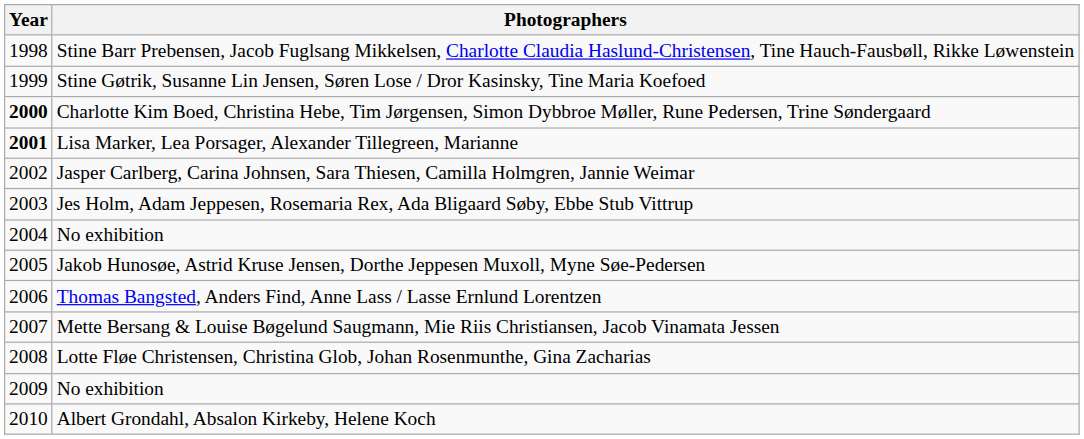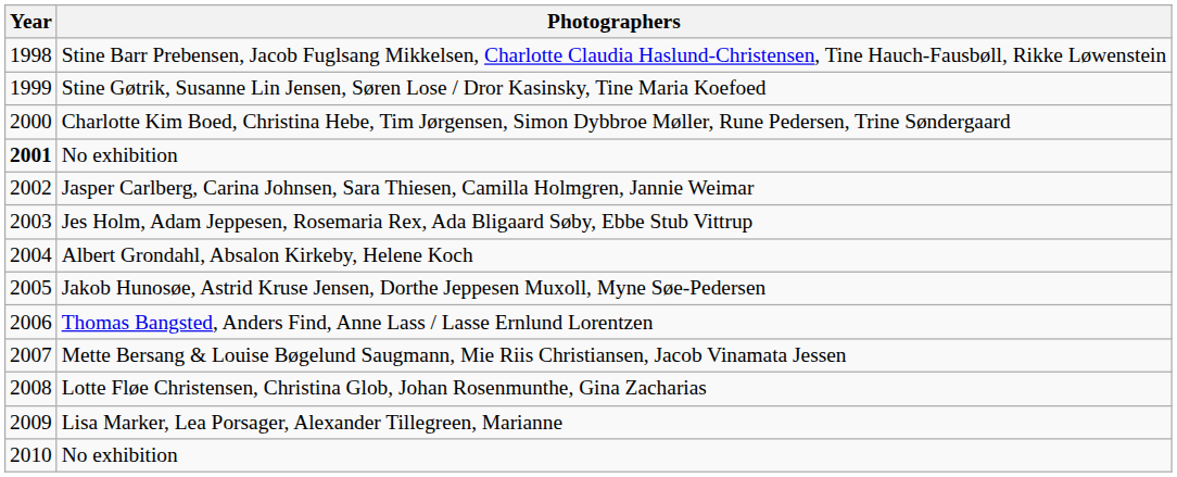 <table class="wikitable">
 <tr>
 <th>Year</th>
 <th>Photographers</th>
 </tr>
 <tr>
 <td>1998</td>
 <td>Stine Barr Prebensen, Jacob Fuglsang Mikkelsen, <a href='#'>Charlotte Claudia Haslund-Christensen</a>, Tine Hauch-Fausbøll, Rikke Løwenstein</td>
 </tr>
 <tr>
 <td>1999</td>
 <td>Stine Gøtrik, Susanne Lin Jensen, Søren Lose / Dror Kasinsky, Tine Maria Koefoed</td>
 </tr>
 <tr>
-<td><strong>2000</strong></td>
+<td>2000</td>
 <td>Charlotte Kim Boed, Christina Hebe, Tim Jørgensen, Simon Dybbroe Møller, Rune Pedersen, Trine Søndergaard</td>
 </tr>
 <tr>
 <td><strong>2001</strong></td>
-<td>Lisa Marker, Lea Porsager, Alexander Tillegreen, Marianne</td>
+<td>No exhibition</td>
 </tr>
 <tr>
 <td>2002</td>
 <td>Jasper Carlberg, Carina Johnsen, Sara Thiesen, Camilla Holmgren, Jannie Weimar</td>
 </tr>
 <tr>
 <td>2003</td>
 <td>Jes Holm, Adam Jeppesen, Rosemaria Rex, Ada Bligaard Søby, Ebbe Stub Vittrup</td>
 </tr>
 <tr>
 <td>2004</td>
-<td>No exhibition</td>
+<td>Albert Grondahl, Absalon Kirkeby, Helene Koch</td>
 </tr>
 <tr>
 <td>2005</td>
 <td>Jakob Hunosøe, Astrid Kruse Jensen, Dorthe Jeppesen Muxoll, Myne Søe-Pedersen</td>
 </tr>
 <tr>
 <td>2006</td>
 <td><a href='#'>Thomas Bangsted</a>, Anders Find, Anne Lass / Lasse Ernlund Lorentzen</td>
 </tr>
 <tr>
 <td>2007</td>
 <td>Mette Bersang & Louise Bøgelund Saugmann, Mie Riis Christiansen, Jacob Vinamata Jessen</td>
 </tr>
 <tr>
 <td>2008</td>
 <td>Lotte Fløe Christensen, Christina Glob, Johan Rosenmunthe, Gina Zacharias</td>
 </tr>
 <tr>
 <td>2009</td>
-<td>No exhibition</td>
+<td>Lisa Marker, Lea Porsager, Alexander Tillegreen, Marianne</td>
 </tr>
 <tr>
 <td>2010</td>
-<td>Albert Grondahl, Absalon Kirkeby, Helene Koch</td>
+<td>No exhibition</td>
 </tr>
 </table>
